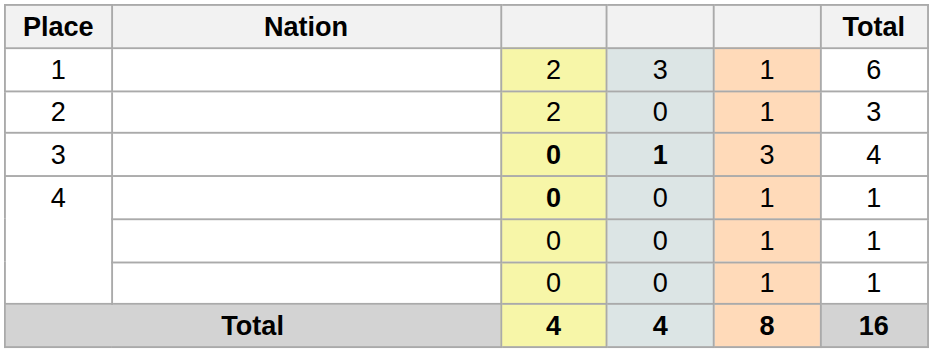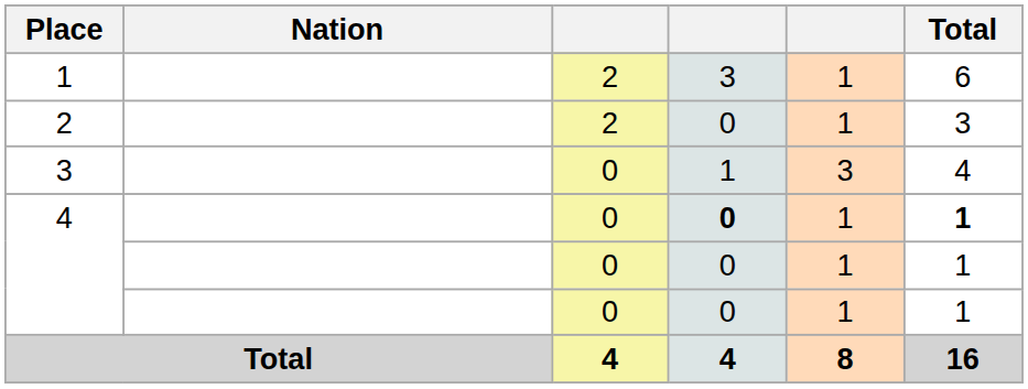 <table class=wikitable style="border:1px solid #AAAAAA;font-size:90%">
 <tr bgcolor="#EFEFEF">
 <th width=50>Place</th>
 <th width=200>Nation</th>
 <th width=50></th>
 <th width=50></th>
 <th width=50></th>
 <th width=50>Total</th>
 </tr>
 <tr align="center" valign="top" bgcolor="#FFFFFF">
 <td>1</td>
 <td align="left"></td>
 <td style="background:#F7F6A8;">2</td>
 <td style="background:#DCE5E5;">3</td>
 <td style="background:#FFDAB9;">1</td>
 <td>6</td>
 </tr>
 <tr align="center" valign="top" bgcolor="#FFFFFF">
 <td>2</td>
 <td align="left"></td>
 <td style="background:#F7F6A8;">2</td>
 <td style="background:#DCE5E5;">0</td>
 <td style="background:#FFDAB9;">1</td>
 <td>3</td>
 </tr>
 <tr align="center" valign="top" bgcolor="#FFFFFF">
 <td>3</td>
 <td align="left"></td>
-<td style="background:#F7F6A8;"><strong>0</strong></td>
-<td style="background:#DCE5E5;"><strong>1</strong></td>
+<td style="background:#F7F6A8;">0</td>
+<td style="background:#DCE5E5;">1</td>
 <td style="background:#FFDAB9;">3</td>
 <td>4</td>
 </tr>
 <tr align="center" valign="top" bgcolor="#FFFFFF">
 <td rowspan="3" valign="center">4</td>
 <td align="left"></td>
-<td style="background:#F7F6A8;"><strong>0</strong></td>
-<td style="background:#DCE5E5;">0</td>
+<td style="background:#F7F6A8;">0</td>
+<td style="background:#DCE5E5;"><strong>0</strong></td>
 <td style="background:#FFDAB9;">1</td>
-<td>1</td>
+<td><strong>1</strong></td>
 </tr>
 <tr align="center" valign="top" bgcolor="#FFFFFF">
 <td align="left"></td>
 <td style="background:#F7F6A8;">0</td>
 <td style="background:#DCE5E5;">0</td>
 <td style="background:#FFDAB9;">1</td>
 <td>1</td>
 </tr>
 <tr align="center" valign="top" bgcolor="#FFFFFF">
 <td align="left"></td>
 <td style="background:#F7F6A8;">0</td>
 <td style="background:#DCE5E5;">0</td>
 <td style="background:#FFDAB9;">1</td>
 <td>1</td>
 </tr>
 <tr align="center">
 <td colspan="2" bgcolor=D3D3D3><strong>Total</strong></td>
 <td style="background:#F7F6A8;"><strong>4</strong></td>
 <td style="background:#DCE5E5;"><strong>4</strong></td>
 <td style="background:#FFDAB9;"><strong>8</strong></td>
 <td bgcolor=D3D3D3><strong>16</strong></td>
 </tr>
 </table>
